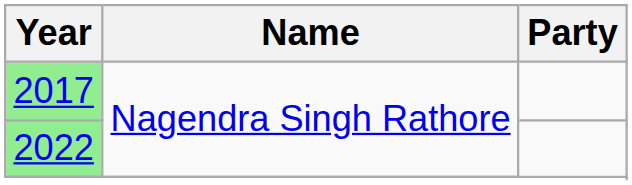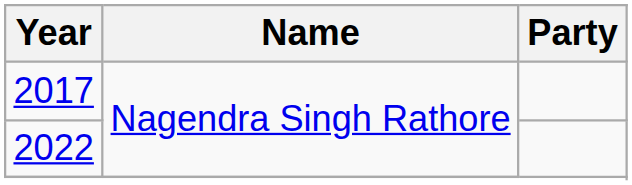 <table class="wikitable sortable">
 <tr>
 <th>Year</th>
 <th>Name</th>
 <th colspan=2>Party</th>
 </tr>
 <tr>
-<td style="background: lightgreen;"><a href='#'>2017</a></td>
+<td><a href='#'>2017</a></td>
 <td rowspan=2><a href='#'>Nagendra Singh Rathore</a></td>
 <td></td>
 </tr>
 <tr>
-<td style="background: lightgreen;"><a href='#'>2022</a></td>
+<td><a href='#'>2022</a></td>
 </tr>
 <tr>
 </tr>
 </table>
